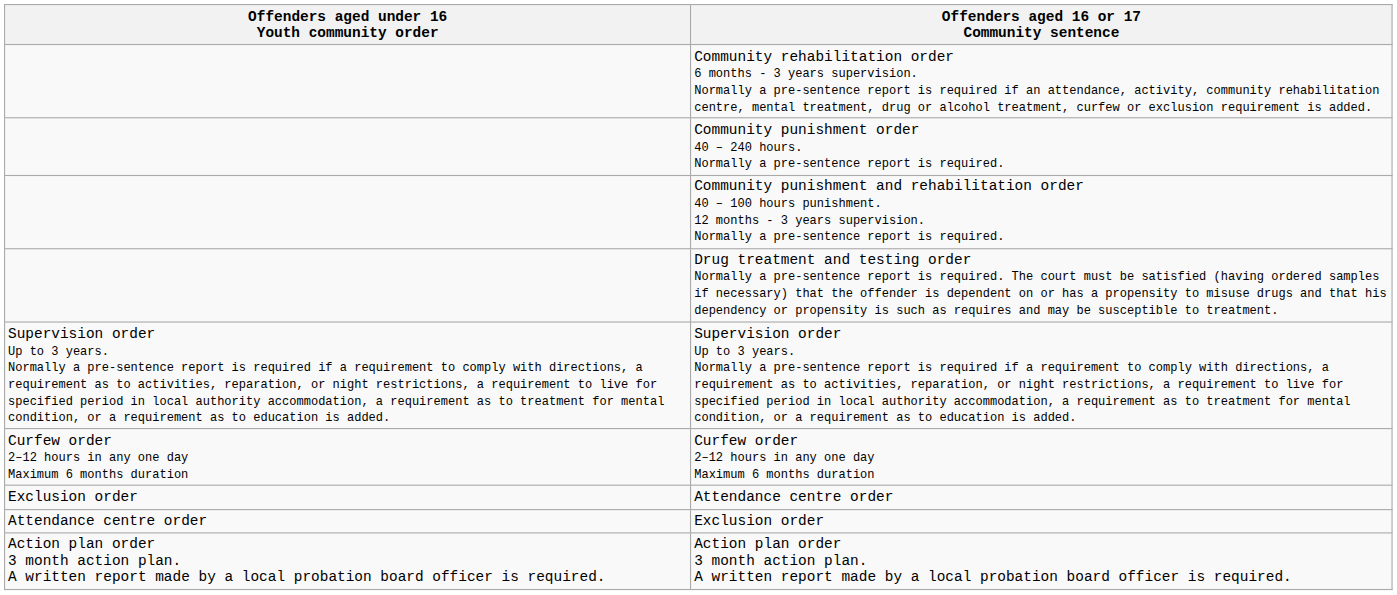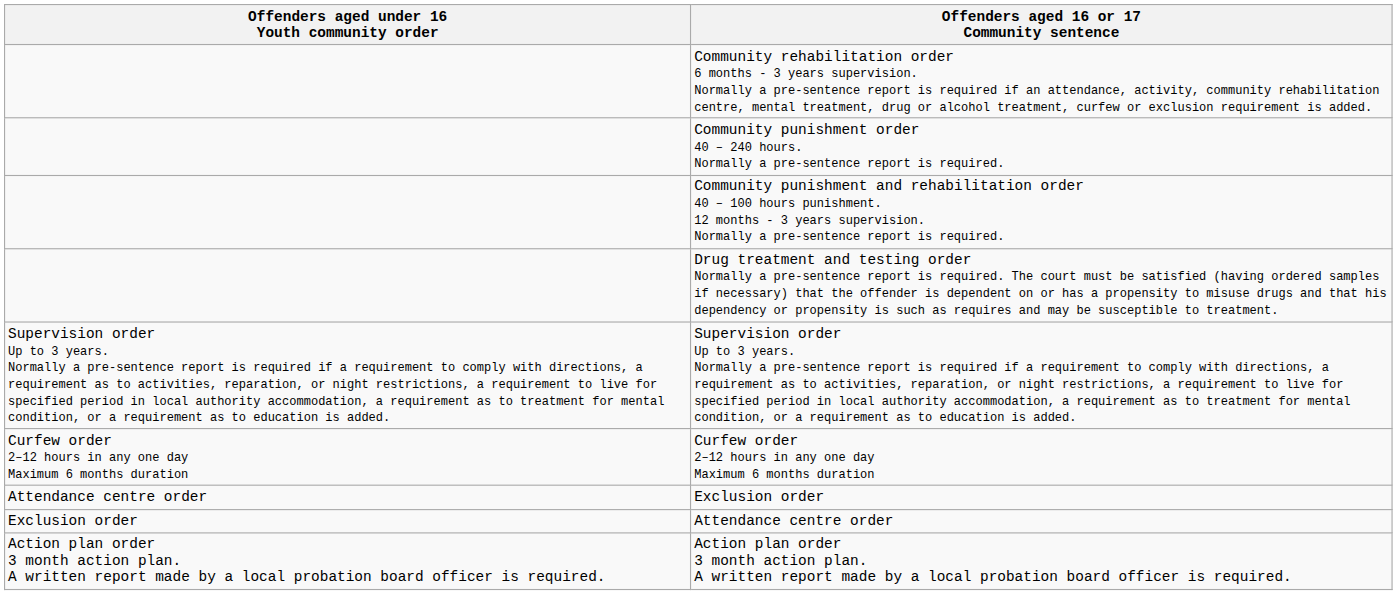 <table class="wikitable">
 <tr>
 <th>Offenders aged under 16<br>Youth community order</th>
 <th>Offenders aged 16 or 17<br>Community sentence</th>
 </tr>
 <tr>
 <td></td>
 <td>Community rehabilitation order<br><small>6 months - 3 years supervision.<br>Normally a pre-sentence report is required if an attendance, activity, community rehabilitation centre, mental treatment, drug or alcohol treatment, curfew or exclusion requirement is added.</small></td>
 </tr>
 <tr>
 <td></td>
 <td>Community punishment order<br><small>40 – 240 hours.<br>Normally a pre-sentence report is required.</small></td>
 </tr>
 <tr>
 <td></td>
 <td>Community punishment and rehabilitation order<br><small>40 – 100 hours punishment.<br>12 months - 3 years supervision.<br>Normally a pre-sentence report is required.</small></td>
 </tr>
 <tr>
 <td></td>
 <td>Drug treatment and testing order<br><small>Normally a pre-sentence report is required. The court must be satisfied (having ordered samples if necessary) that the offender is dependent on or has a propensity to misuse drugs and that his dependency or propensity is such as requires and may be susceptible to treatment.</small></td>
 </tr>
 <tr>
 <td>Supervision order<br><small>Up to 3 years.<br>Normally a pre-sentence report is required if a requirement to comply with directions, a requirement as to activities, reparation, or night restrictions, a requirement to live for specified period in local authority accommodation, a requirement as to treatment for mental condition, or a requirement as to education is added.</small></td>
 <td>Supervision order<br><small>Up to 3 years.<br>Normally a pre-sentence report is required if a requirement to comply with directions, a requirement as to activities, reparation, or night restrictions, a requirement to live for specified period in local authority accommodation, a requirement as to treatment for mental condition, or a requirement as to education is added.</small></td>
 </tr>
 <tr>
 <td>Curfew order<br><small>2–12 hours in any one day<br>Maximum 6 months duration</small></td>
 <td>Curfew order<br><small>2–12 hours in any one day<br>Maximum 6 months duration</small></td>
 </tr>
 <tr>
+<td>Attendance centre order</td>
+<td>Exclusion order</td>
+</tr>
+<tr>
 <td>Exclusion order</td>
 <td>Attendance centre order</td>
-</tr>
-<tr>
-<td>Attendance centre order</td>
-<td>Exclusion order</td>
 </tr>
 <tr>
 <td>Action plan order<br>3 month action plan.<br>A written report made by a local probation board officer is required.</td>
 <td>Action plan order<br>3 month action plan.<br>A written report made by a local probation board officer is required.</td>
 </tr>
 </table>
